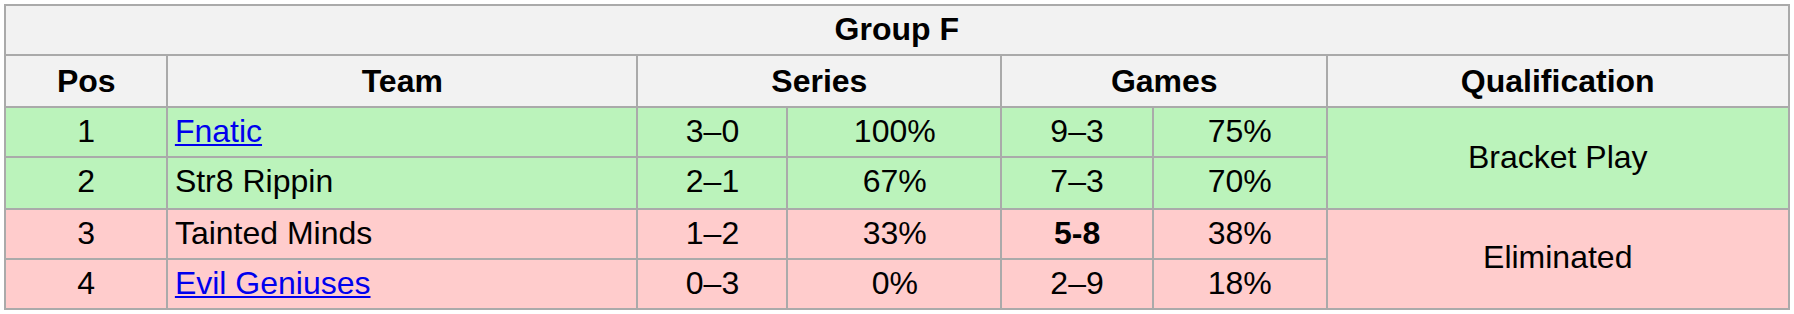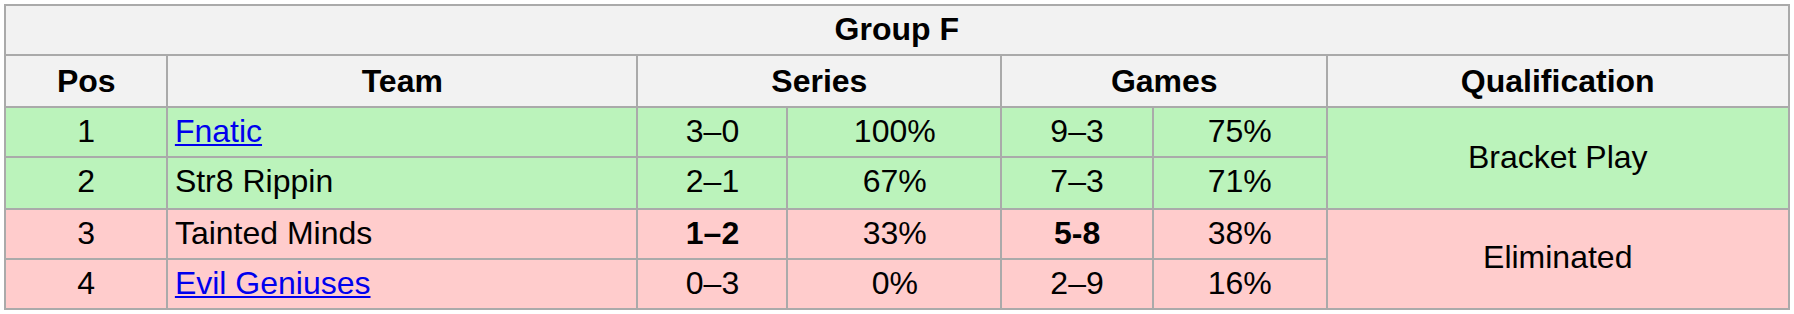 <table class="wikitable" style="display: inline-table; margin-left: 50px;width: 45%;">
 <tr>
 <th colspan="7">Group F</th>
 </tr>
 <tr>
 <th>Pos</th>
 <th>Team</th>
 <th colspan="2">Series</th>
 <th colspan="2">Games</th>
 <th>Qualification</th>
 </tr>
 <tr>
 <td style="text-align:center; background:#BBF3BB;">1</td>
 <td style="text-align:left; background:#BBF3BB;"><a href='#'>Fnatic</a></td>
 <td style="text-align:center; background:#BBF3BB;">3–0</td>
 <td style="text-align:center; background:#BBF3BB;">100%</td>
 <td style="text-align:center; background:#BBF3BB;">9–3</td>
 <td style="text-align:center; background:#BBF3BB;">75%</td>
 <td style="text-align:center; background:#BBF3BB;" rowspan="2">Bracket Play</td>
 </tr>
 <tr>
 <td style="text-align:center; background:#BBF3BB;">2</td>
 <td style="text-align:left; background:#BBF3BB;">Str8 Rippin</td>
 <td style="text-align:center; background:#BBF3BB;">2–1</td>
 <td style="text-align:center; background:#BBF3BB;">67%</td>
 <td style="text-align:center; background:#BBF3BB;">7–3</td>
-<td style="text-align:center; background:#BBF3BB;">70%</td>
+<td style="text-align:center; background:#BBF3BB;">71%</td>
 </tr>
 <tr>
 <td style="text-align:center; background:#FFCCCC;">3</td>
 <td style="text-align:left; background:#FFCCCC;">Tainted Minds</td>
-<td style="text-align:center; background:#FFCCCC;">1–2</td>
+<td style="text-align:center; background:#FFCCCC;"><strong>1–2</strong></td>
 <td style="text-align:center; background:#FFCCCC;">33%</td>
 <td style="text-align:center; background:#FFCCCC;"><strong>5-8</strong></td>
 <td style="text-align:center; background:#FFCCCC;">38%</td>
 <td style="text-align:center; background:#FFCCCC;" rowspan="2">Eliminated</td>
 </tr>
 <tr>
 <td style="text-align:center; background:#FFCCCC;">4</td>
 <td style="text-align:left; background:#FFCCCC;"><a href='#'>Evil Geniuses</a></td>
 <td style="text-align:center; background:#FFCCCC;">0–3</td>
 <td style="text-align:center; background:#FFCCCC;">0%</td>
 <td style="text-align:center; background:#FFCCCC;">2–9</td>
-<td style="text-align:center; background:#FFCCCC;">18%</td>
+<td style="text-align:center; background:#FFCCCC;">16%</td>
 </tr>
 </table>
